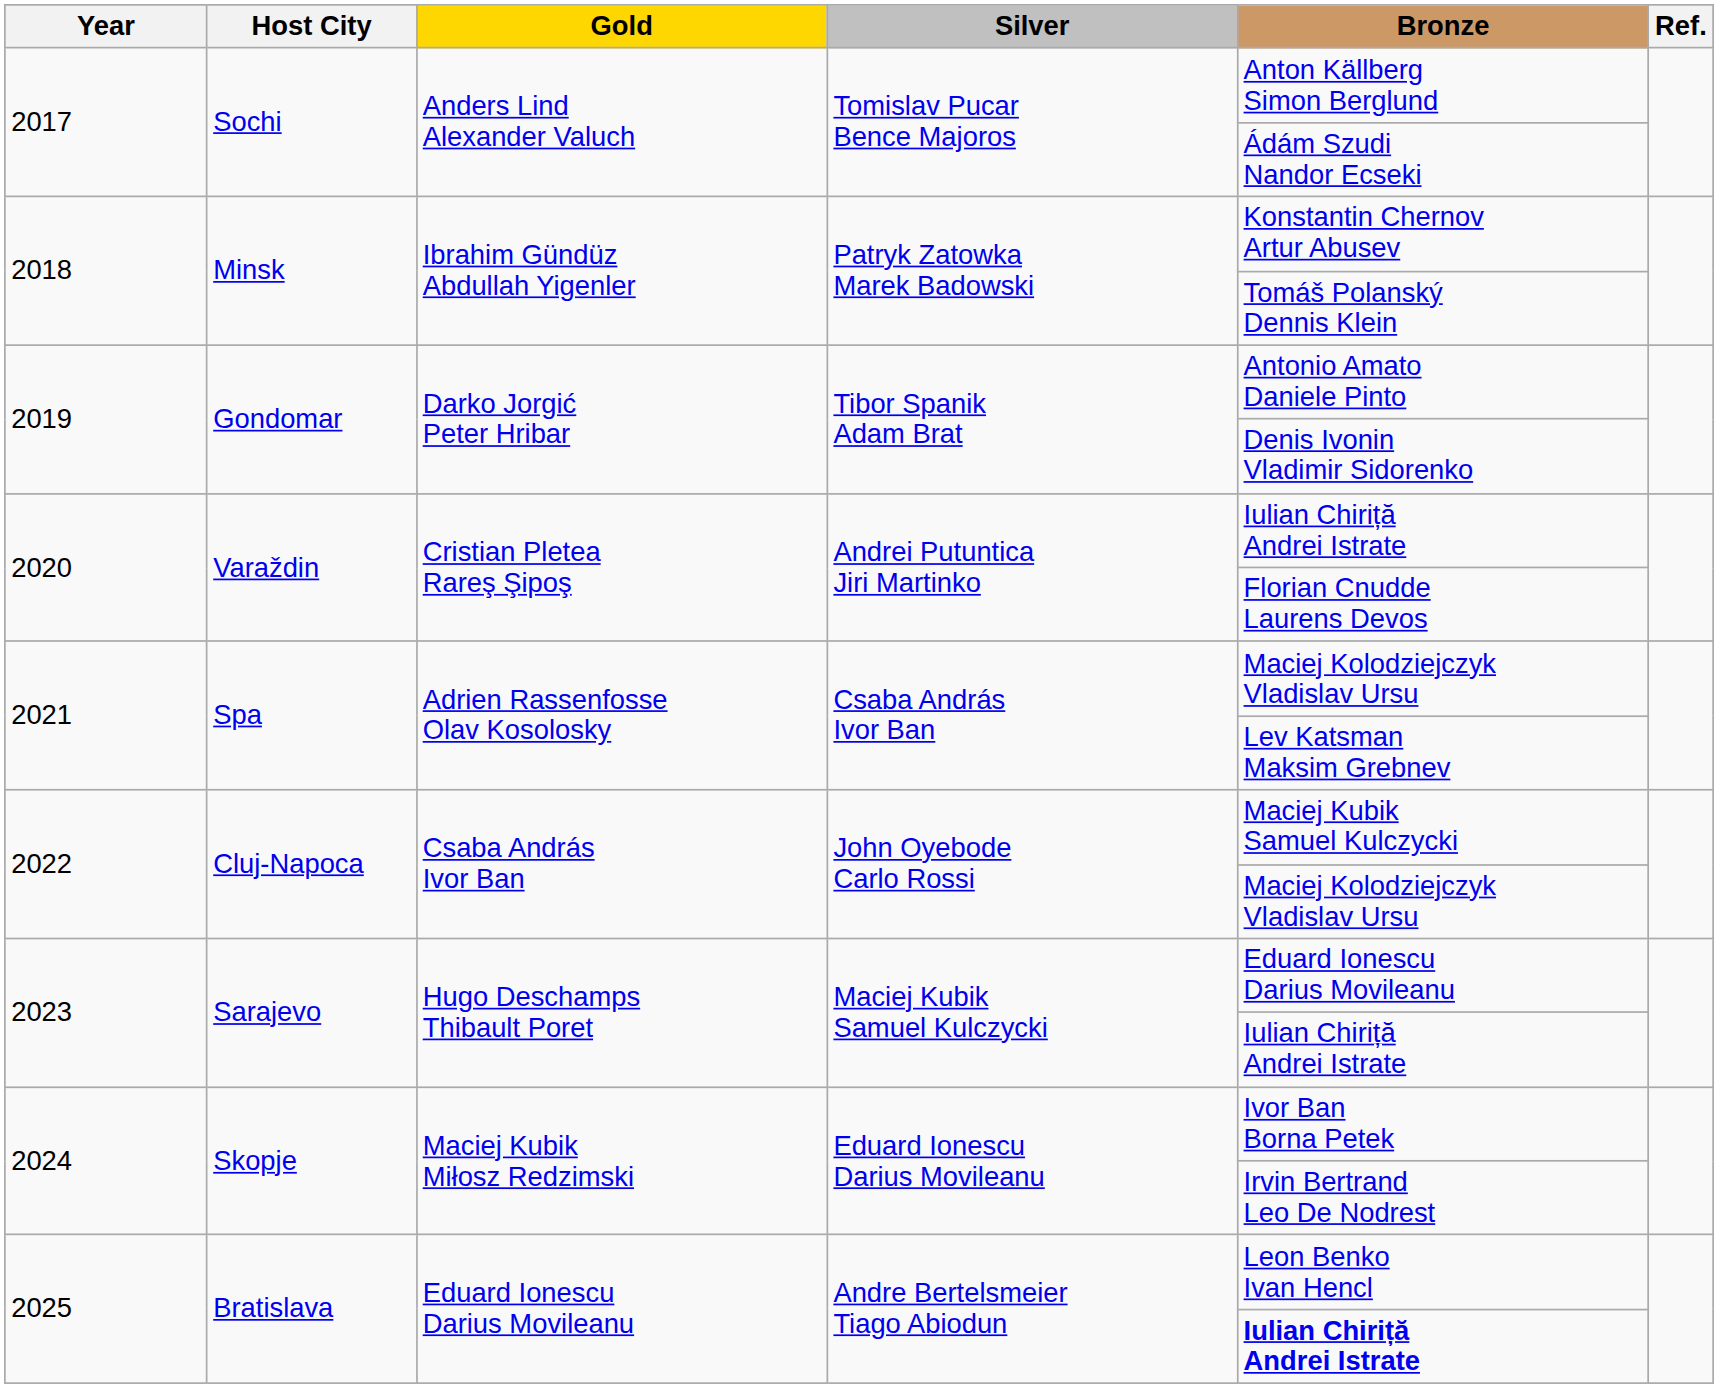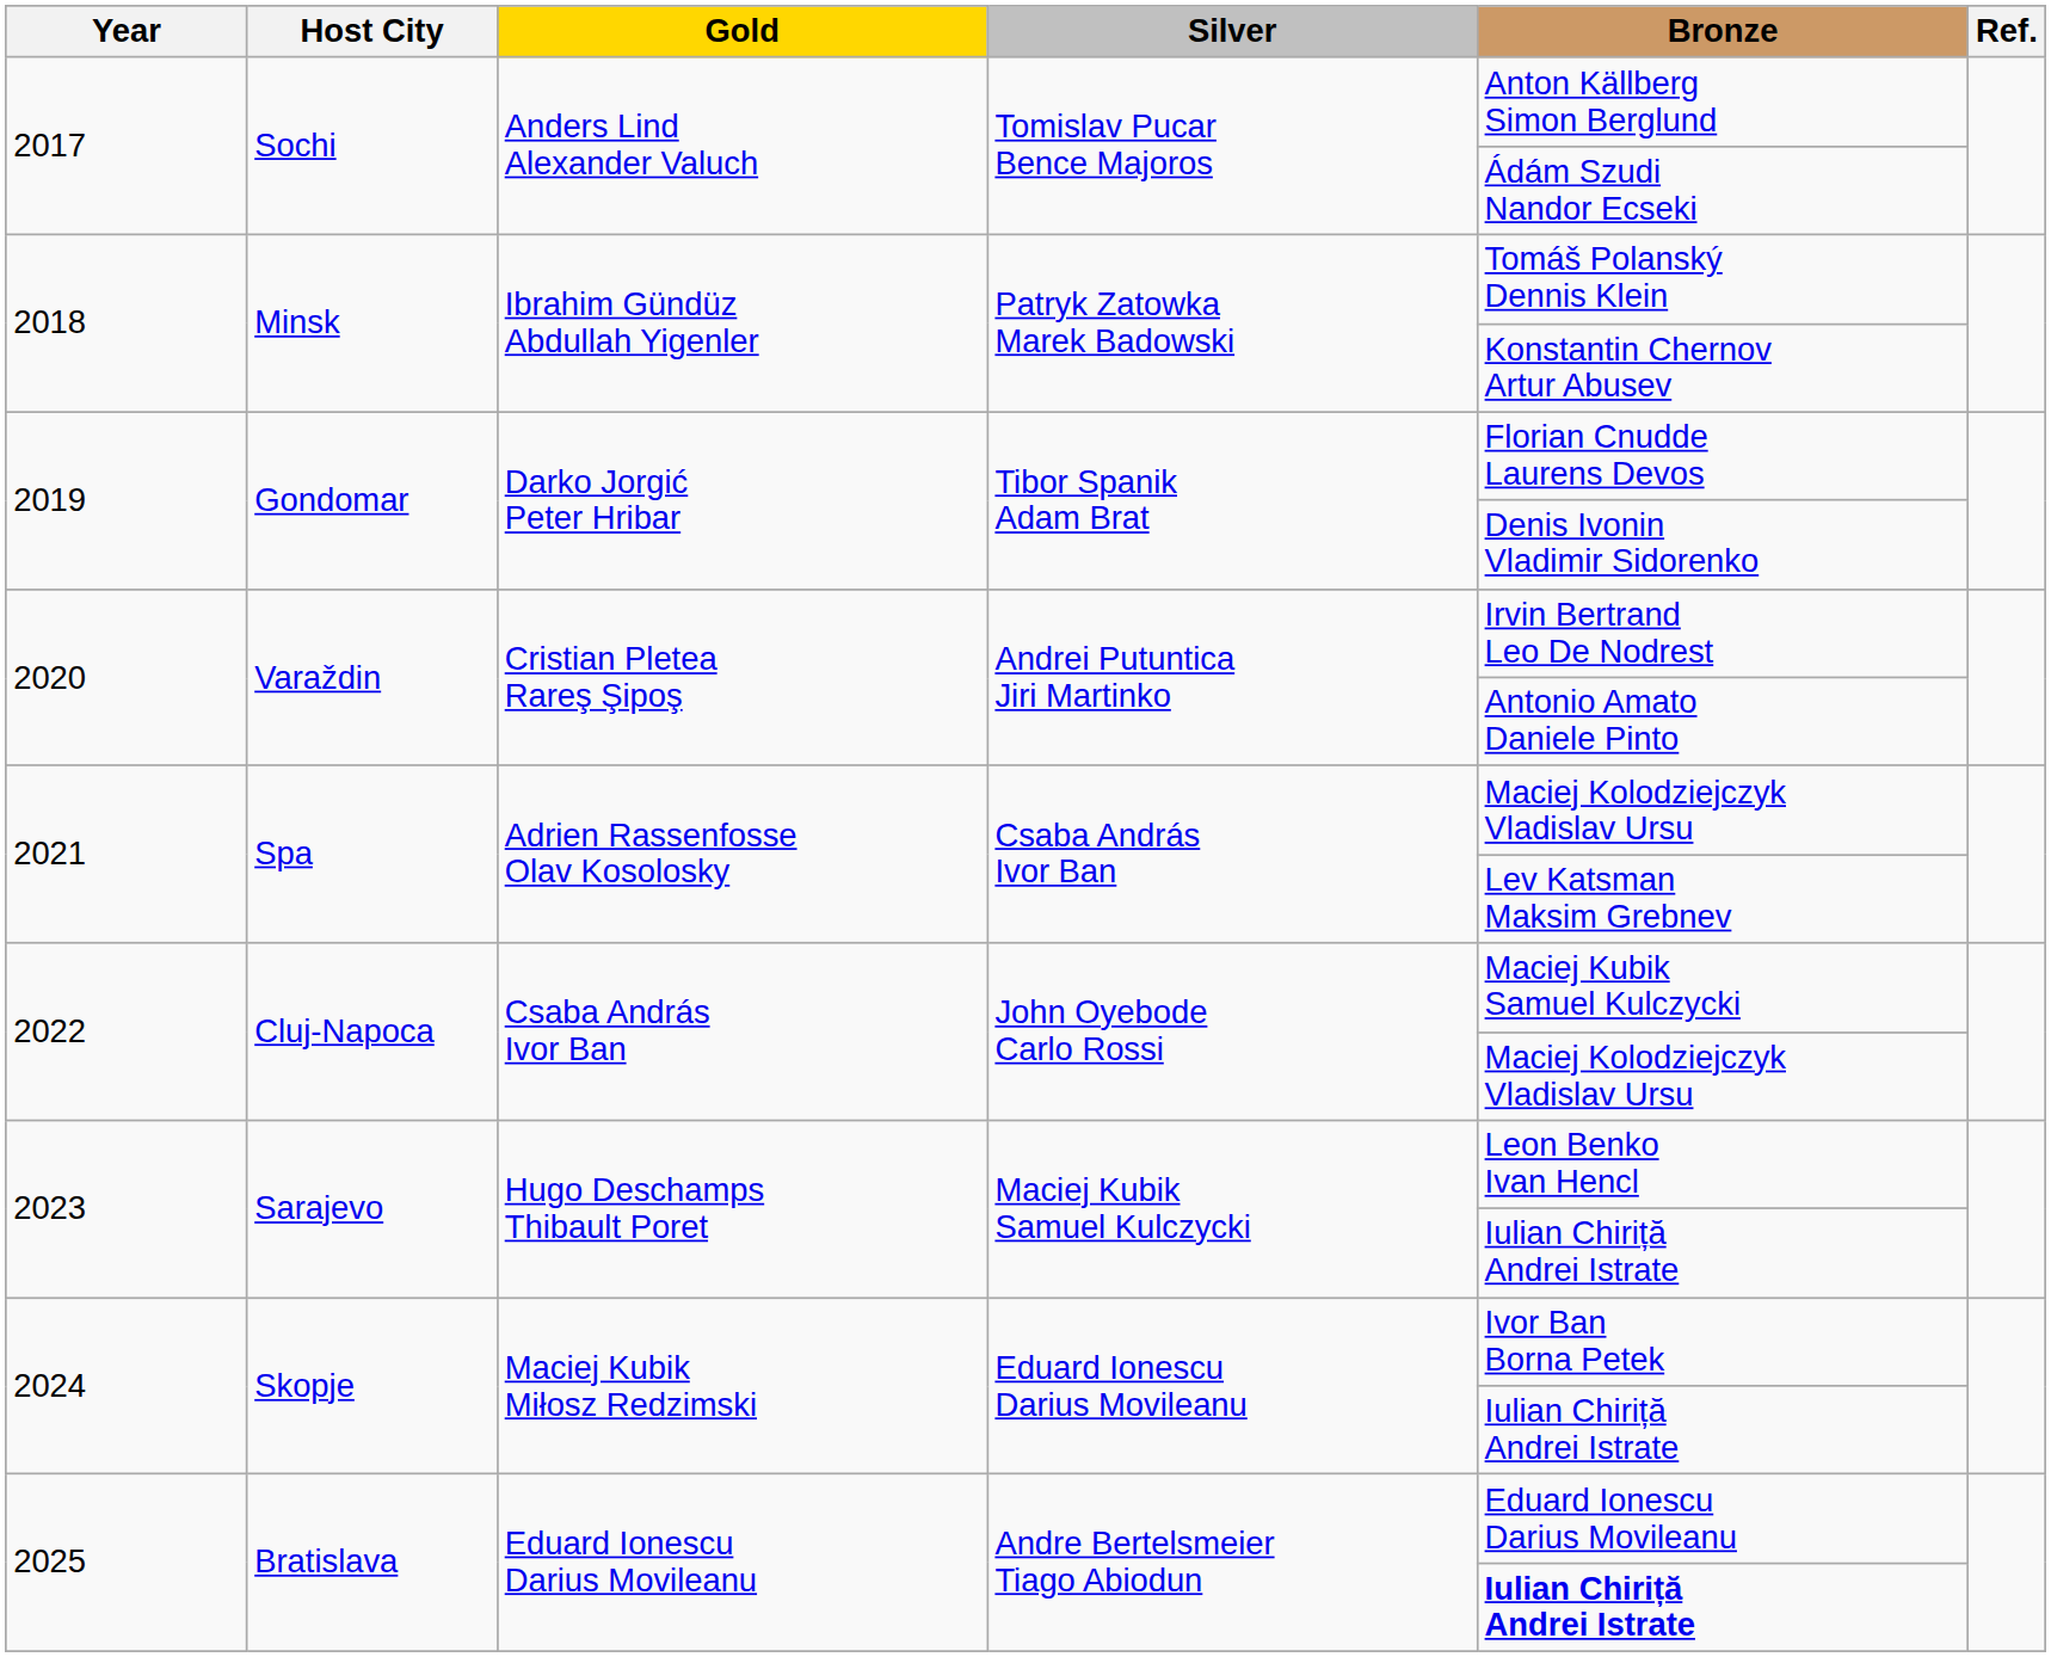 <table class="wikitable" style="text-align:left; width:1000px;">
 <tr>
 <th width="120">Year</th>
 <th width="120">Host City</th>
 <th width="250" style="background-color: gold">Gold</th>
 <th width="250" style="background-color: silver">Silver</th>
 <th width="250" style="background-color: #cc9966">Bronze</th>
 <th width="15">Ref.</th>
 </tr>
 <tr>
 <td rowspan=2>2017</td>
 <td rowspan=2><a href='#'>Sochi</a></td>
 <td rowspan=2> <a href='#'>Anders Lind</a><br> <a href='#'>Alexander Valuch</a></td>
 <td rowspan=2> <a href='#'>Tomislav Pucar</a><br> <a href='#'>Bence Majoros</a></td>
 <td> <a href='#'>Anton Källberg</a><br> <a href='#'>Simon Berglund</a></td>
 <td rowspan=2></td>
 </tr>
 <tr>
 <td> <a href='#'>Ádám Szudi</a><br> <a href='#'>Nandor Ecseki</a></td>
 </tr>
 <tr>
 <td rowspan=2>2018</td>
 <td rowspan=2><a href='#'>Minsk</a></td>
 <td rowspan=2> <a href='#'>Ibrahim Gündüz</a><br> <a href='#'>Abdullah Yigenler</a></td>
 <td rowspan=2> <a href='#'>Patryk Zatowka</a><br> <a href='#'>Marek Badowski</a></td>
-<td> <a href='#'>Konstantin Chernov</a><br> <a href='#'>Artur Abusev</a></td>
+<td> <a href='#'>Tomáš Polanský</a><br> <a href='#'>Dennis Klein</a></td>
 <td rowspan=2></td>
 </tr>
 <tr>
-<td> <a href='#'>Tomáš Polanský</a><br> <a href='#'>Dennis Klein</a></td>
+<td> <a href='#'>Konstantin Chernov</a><br> <a href='#'>Artur Abusev</a></td>
 </tr>
 <tr>
 <td rowspan=2>2019</td>
 <td rowspan=2><a href='#'>Gondomar</a></td>
 <td rowspan=2> <a href='#'>Darko Jorgić</a><br> <a href='#'>Peter Hribar</a></td>
 <td rowspan=2> <a href='#'>Tibor Spanik</a><br> <a href='#'>Adam Brat</a></td>
-<td> <a href='#'>Antonio Amato</a><br> <a href='#'>Daniele Pinto</a></td>
+<td> <a href='#'>Florian Cnudde</a><br> <a href='#'>Laurens Devos</a></td>
 <td rowspan=2></td>
 </tr>
 <tr>
 <td> <a href='#'>Denis Ivonin</a><br> <a href='#'>Vladimir Sidorenko</a></td>
 </tr>
 <tr>
 <td rowspan=2>2020</td>
 <td rowspan=2><a href='#'>Varaždin</a></td>
 <td rowspan=2> <a href='#'>Cristian Pletea</a><br> <a href='#'>Rareş Şipoş</a></td>
 <td rowspan=2> <a href='#'>Andrei Putuntica</a><br> <a href='#'>Jiri Martinko</a></td>
-<td> <a href='#'>Iulian Chiriță</a><br> <a href='#'>Andrei Istrate</a></td>
+<td> <a href='#'>Irvin Bertrand</a><br> <a href='#'>Leo De Nodrest</a></td>
 <td rowspan=2></td>
 </tr>
 <tr>
-<td> <a href='#'>Florian Cnudde</a><br> <a href='#'>Laurens Devos</a></td>
+<td> <a href='#'>Antonio Amato</a><br> <a href='#'>Daniele Pinto</a></td>
 </tr>
 <tr>
 <td rowspan=2>2021</td>
 <td rowspan=2><a href='#'>Spa</a></td>
 <td rowspan=2> <a href='#'>Adrien Rassenfosse</a><br> <a href='#'>Olav Kosolosky</a></td>
 <td rowspan=2> <a href='#'>Csaba András</a><br> <a href='#'>Ivor Ban</a></td>
 <td> <a href='#'>Maciej Kolodziejczyk</a><br> <a href='#'>Vladislav Ursu</a></td>
 <td rowspan=2></td>
 </tr>
 <tr>
 <td> <a href='#'>Lev Katsman</a><br> <a href='#'>Maksim Grebnev</a></td>
 </tr>
 <tr>
 <td rowspan=2>2022</td>
 <td rowspan=2><a href='#'>Cluj-Napoca</a></td>
 <td rowspan=2> <a href='#'>Csaba András</a><br> <a href='#'>Ivor Ban</a></td>
 <td rowspan=2> <a href='#'>John Oyebode</a><br> <a href='#'>Carlo Rossi</a></td>
 <td> <a href='#'>Maciej Kubik</a><br> <a href='#'>Samuel Kulczycki</a></td>
 <td rowspan=2></td>
 </tr>
 <tr>
 <td> <a href='#'>Maciej Kolodziejczyk</a><br> <a href='#'>Vladislav Ursu</a></td>
 </tr>
 <tr>
 <td rowspan=2>2023</td>
 <td rowspan=2><a href='#'>Sarajevo</a></td>
 <td rowspan=2> <a href='#'>Hugo Deschamps</a><br> <a href='#'>Thibault Poret</a></td>
 <td rowspan=2> <a href='#'>Maciej Kubik</a><br> <a href='#'>Samuel Kulczycki</a></td>
-<td> <a href='#'>Eduard Ionescu</a><br> <a href='#'>Darius Movileanu</a></td>
+<td> <a href='#'>Leon Benko</a><br> <a href='#'>Ivan Hencl</a></td>
 <td rowspan=2></td>
 </tr>
 <tr>
 <td> <a href='#'>Iulian Chiriță</a><br> <a href='#'>Andrei Istrate</a></td>
 </tr>
 <tr>
 <td rowspan=2>2024</td>
 <td rowspan=2><a href='#'>Skopje</a></td>
 <td rowspan=2> <a href='#'>Maciej Kubik</a><br> <a href='#'>Miłosz Redzimski</a></td>
 <td rowspan=2> <a href='#'>Eduard Ionescu</a><br> <a href='#'>Darius Movileanu</a></td>
 <td> <a href='#'>Ivor Ban</a><br> <a href='#'>Borna Petek</a></td>
 <td rowspan=2></td>
 </tr>
 <tr>
-<td> <a href='#'>Irvin Bertrand</a><br> <a href='#'>Leo De Nodrest</a></td>
+<td> <a href='#'>Iulian Chiriță</a><br> <a href='#'>Andrei Istrate</a></td>
 </tr>
 <tr>
 <td rowspan=2>2025</td>
 <td rowspan=2><a href='#'>Bratislava</a></td>
 <td rowspan=2> <a href='#'>Eduard Ionescu</a><br> <a href='#'>Darius Movileanu</a></td>
 <td rowspan=2> <a href='#'>Andre Bertelsmeier</a><br> <a href='#'>Tiago Abiodun</a></td>
-<td> <a href='#'>Leon Benko</a><br> <a href='#'>Ivan Hencl</a></td>
+<td> <a href='#'>Eduard Ionescu</a><br> <a href='#'>Darius Movileanu</a></td>
 <td rowspan=2></td>
 </tr>
 <tr>
 <td><strong> <a href='#'>Iulian Chiriță</a><br> <a href='#'>Andrei Istrate</a></strong></td>
 </tr>
 </table>
